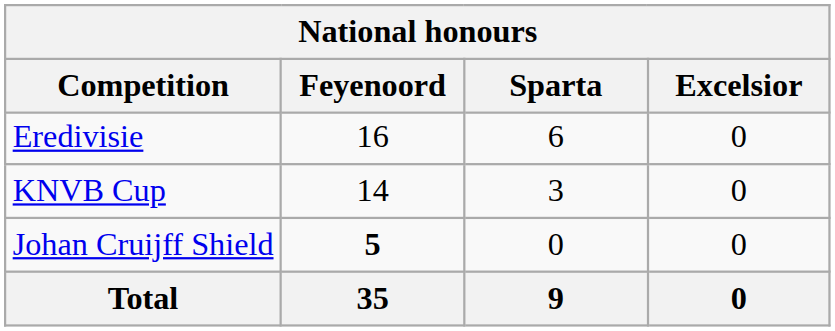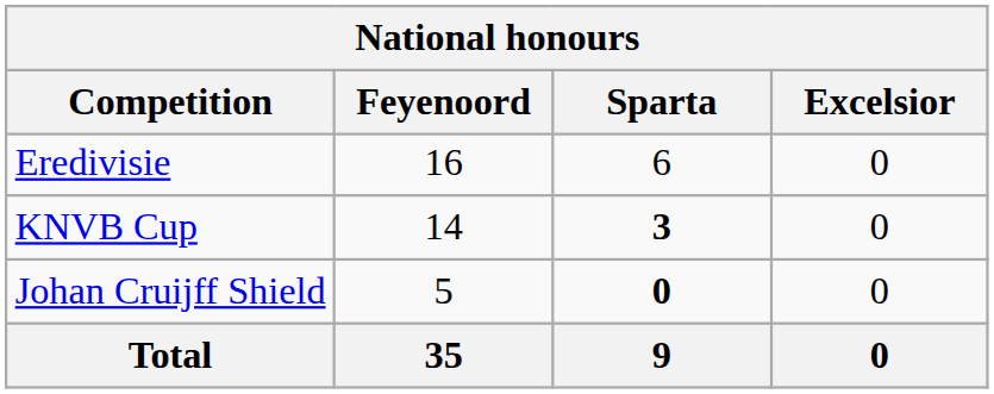 <table class="wikitable" style="font-size: 90%">
 <tr>
 <th colspan="4">National honours</th>
 </tr>
 <tr>
 <th>Competition</th>
 <th style="width: 75px">Feyenoord</th>
 <th style="width: 75px">Sparta</th>
 <th style="width: 75px">Excelsior</th>
 </tr>
 <tr>
 <td><a href='#'>Eredivisie</a></td>
 <td style="text-align: center">16</td>
 <td style="text-align: center">6</td>
 <td style="text-align: center">0</td>
 </tr>
 <tr>
 <td><a href='#'>KNVB Cup</a></td>
 <td style="text-align: center">14</td>
-<td style="text-align: center">3</td>
+<td style="text-align: center"><strong>3</strong></td>
 <td style="text-align: center">0</td>
 </tr>
 <tr>
 <td><a href='#'>Johan Cruijff Shield</a></td>
-<td style="text-align: center"><strong>5</strong></td>
-<td style="text-align: center">0</td>
+<td style="text-align: center">5</td>
+<td style="text-align: center"><strong>0</strong></td>
 <td style="text-align: center">0</td>
 </tr>
 <tr>
 <th>Total</th>
 <th>35</th>
 <th>9</th>
 <th>0</th>
 </tr>
 </table>
